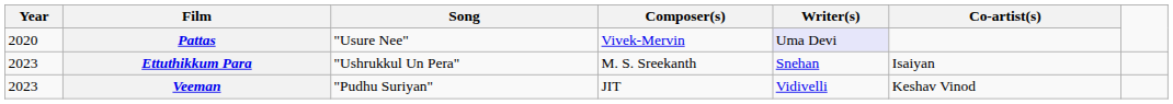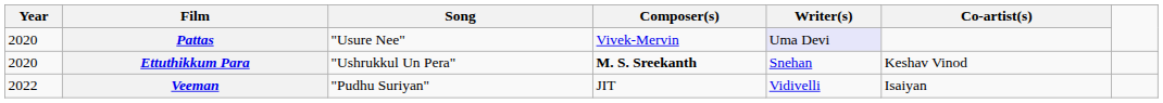 <table class="wikitable plainrowheaders" width="100%" textcolor:#000;">
 <tr style="background:#b0e0e66;">
 <th scope="col" width=5%><strong>Year</strong></th>
 <th scope="col" width=23%><strong>Film</strong></th>
 <th scope="col" width=23%><strong>Song</strong></th>
 <th scope="col" width=15%><strong>Composer(s)</strong></th>
 <th scope="col" width=10%><strong>Writer(s)</strong></th>
 <th scope="col" width=20%><strong>Co-artist(s)</strong></th>
 </tr>
 <tr>
 <td>2020</td>
 <th><em><a href='#'>Pattas</a></em></th>
 <td>"Usure Nee"</td>
 <td><a href='#'>Vivek-Mervin</a></td>
 <td style="background: lavender;">Uma Devi</td>
 <td></td>
 </tr>
 <tr>
-<td>2023</td>
+<td>2020</td>
 <th><em><a href='#'>Ettuthikkum Para</a></em></th>
 <td>"Ushrukkul Un Pera"</td>
-<td>M. S. Sreekanth</td>
+<td><strong>M. S. Sreekanth</strong></td>
 <td><a href='#'>Snehan</a></td>
-<td>Isaiyan</td>
+<td>Keshav Vinod</td>
 <td></td>
 </tr>
 <tr>
-<td>2023</td>
+<td>2022</td>
 <th><em><a href='#'>Veeman</a></em></th>
 <td>"Pudhu Suriyan"</td>
 <td>JIT</td>
 <td><a href='#'>Vidivelli</a></td>
-<td>Keshav Vinod</td>
+<td>Isaiyan</td>
 </tr>
 </table>
